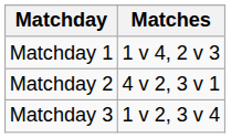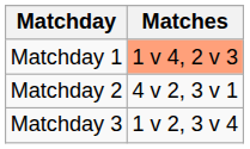 <table class="wikitable" style="text-align:center">
 <tr>
 </tr>
 <tr>
 <th>Matchday</th>
 <th>Matches</th>
 </tr>
 <tr>
 <td>Matchday 1</td>
-<td>1 v 4, 2 v 3</td>
+<td style="background: lightsalmon;">1 v 4, 2 v 3</td>
 </tr>
 <tr>
 <td>Matchday 2</td>
 <td>4 v 2, 3 v 1</td>
 </tr>
 <tr>
 <td>Matchday 3</td>
 <td>1 v 2, 3 v 4</td>
 </tr>
 </table>
